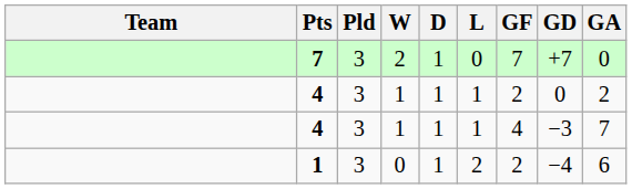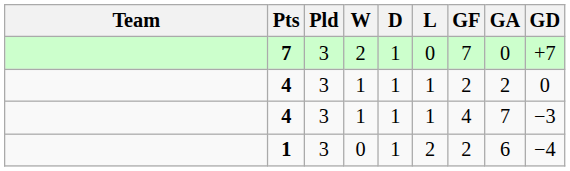 <table class=wikitable style="text-align:center">
 <tr>
 <th width=200>Team</th>
 <th width=20>Pts</th>
 <th width=20>Pld</th>
 <th width=20>W</th>
 <th width=20>D</th>
 <th width=20>L</th>
 <th width=20>GF</th>
+<th width=20>GA</th>
 <th width=20>GD</th>
-<th width=20>GA</th>
 </tr>
 <tr style="background:#cfc;">
 <td align="left"></td>
 <td><strong>7</strong></td>
 <td>3</td>
 <td>2</td>
 <td>1</td>
 <td>0</td>
 <td>7</td>
+<td>0</td>
 <td>+7</td>
+</tr>
+<tr>
+<td align="left"></td>
+<td><strong>4</strong></td>
+<td>3</td>
+<td>1</td>
+<td>1</td>
+<td>1</td>
+<td>2</td>
+<td>2</td>
 <td>0</td>
 </tr>
 <tr>
 <td align="left"></td>
 <td><strong>4</strong></td>
 <td>3</td>
 <td>1</td>
 <td>1</td>
 <td>1</td>
-<td>2</td>
-<td>0</td>
-<td>2</td>
-</tr>
-<tr>
-<td align="left"></td>
-<td><strong>4</strong></td>
-<td>3</td>
-<td>1</td>
-<td>1</td>
-<td>1</td>
 <td>4</td>
+<td>7</td>
 <td>−3</td>
-<td>7</td>
 </tr>
 <tr>
 <td align="left"></td>
 <td><strong>1</strong></td>
 <td>3</td>
 <td>0</td>
 <td>1</td>
 <td>2</td>
 <td>2</td>
+<td>6</td>
 <td>−4</td>
-<td>6</td>
 </tr>
 </table>
